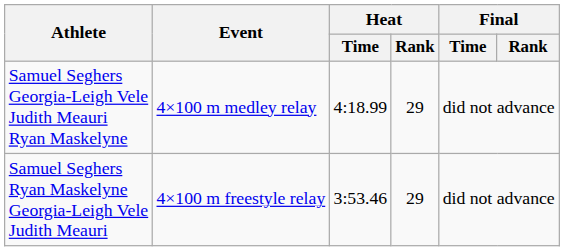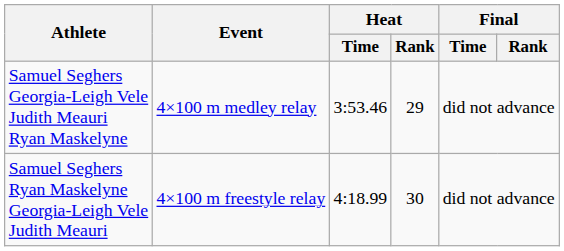 <table class="wikitable" style="text-align:center; font-size:90%">
 <tr>
 <th rowspan=2>Athlete</th>
 <th rowspan=2>Event</th>
 <th colspan=2>Heat</th>
 <th colspan=2>Final</th>
 </tr>
 <tr style="font-size:95%">
 <th>Time</th>
 <th>Rank</th>
 <th>Time</th>
 <th>Rank</th>
 </tr>
 <tr>
 <td align=left><a href='#'>Samuel Seghers</a><br><a href='#'>Georgia-Leigh Vele</a><br><a href='#'>Judith Meauri</a><br><a href='#'>Ryan Maskelyne</a></td>
 <td align=left><a href='#'>4×100 m medley relay</a></td>
-<td>4:18.99</td>
+<td>3:53.46</td>
 <td>29</td>
 <td colspan=2>did not advance</td>
 </tr>
 <tr>
 <td align=left><a href='#'>Samuel Seghers</a><br><a href='#'>Ryan Maskelyne</a><br><a href='#'>Georgia-Leigh Vele</a><br><a href='#'>Judith Meauri</a></td>
 <td align=left><a href='#'>4×100 m freestyle relay</a></td>
-<td>3:53.46</td>
-<td>29</td>
+<td>4:18.99</td>
+<td>30</td>
 <td colspan=2>did not advance</td>
 </tr>
 </table>
